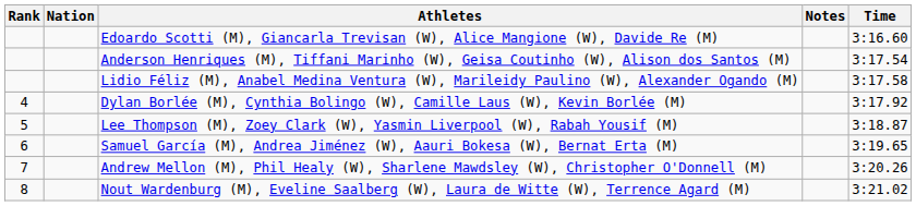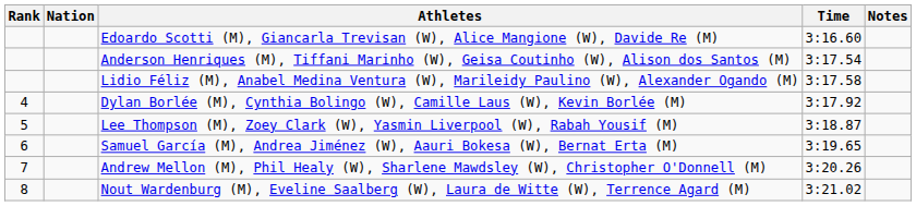 <table class="wikitable sortable" style="text-align:center">
 <tr>
 <th>Rank</th>
 <th>Nation</th>
 <th>Athletes</th>
+<th>Time</th>
 <th>Notes</th>
-<th>Time</th>
 </tr>
 <tr>
 <td></td>
 <td align="left"></td>
 <td align="left"><a href='#'>Edoardo Scotti</a> (M), <a href='#'>Giancarla Trevisan</a> (W), <a href='#'>Alice Mangione</a> (W), <a href='#'>Davide Re</a> (M)</td>
+<td>3:16.60</td>
 <td></td>
-<td>3:16.60</td>
 </tr>
 <tr>
 <td></td>
 <td align="left"></td>
 <td align="left"><a href='#'>Anderson Henriques</a> (M), <a href='#'>Tiffani Marinho</a> (W), <a href='#'>Geisa Coutinho</a> (W), <a href='#'>Alison dos Santos</a> (M)</td>
+<td>3:17.54</td>
 <td></td>
-<td>3:17.54</td>
 </tr>
 <tr>
 <td></td>
 <td align="left"></td>
 <td align="left"><a href='#'>Lidio Féliz</a> (M), <a href='#'>Anabel Medina Ventura</a> (W), <a href='#'>Marileidy Paulino</a> (W), <a href='#'>Alexander Ogando</a> (M)</td>
+<td>3:17.58</td>
 <td></td>
-<td>3:17.58</td>
 </tr>
 <tr>
 <td>4</td>
 <td align="left"></td>
 <td align="left"><a href='#'>Dylan Borlée</a> (M), <a href='#'>Cynthia Bolingo</a> (W), <a href='#'>Camille Laus</a> (W), <a href='#'>Kevin Borlée</a> (M)</td>
+<td>3:17.92</td>
 <td></td>
-<td>3:17.92</td>
 </tr>
 <tr>
 <td>5</td>
 <td align="left"></td>
 <td align="left"><a href='#'>Lee Thompson</a> (M), <a href='#'>Zoey Clark</a> (W), <a href='#'>Yasmin Liverpool</a> (W), <a href='#'>Rabah Yousif</a> (M)</td>
+<td>3:18.87</td>
 <td></td>
-<td>3:18.87</td>
 </tr>
 <tr>
 <td>6</td>
 <td align="left"></td>
 <td align="left"><a href='#'>Samuel García</a> (M), <a href='#'>Andrea Jiménez</a> (W), <a href='#'>Aauri Bokesa</a> (W), <a href='#'>Bernat Erta</a> (M)</td>
+<td>3:19.65</td>
 <td></td>
-<td>3:19.65</td>
 </tr>
 <tr>
 <td>7</td>
 <td align="left"></td>
 <td align="left"><a href='#'>Andrew Mellon</a> (M), <a href='#'>Phil Healy</a> (W), <a href='#'>Sharlene Mawdsley</a> (W), <a href='#'>Christopher O'Donnell</a> (M)</td>
+<td>3:20.26</td>
 <td></td>
-<td>3:20.26</td>
 </tr>
 <tr>
 <td>8</td>
 <td align="left"></td>
 <td align="left"><a href='#'>Nout Wardenburg</a> (M), <a href='#'>Eveline Saalberg</a> (W), <a href='#'>Laura de Witte</a> (W), <a href='#'>Terrence Agard</a> (M)</td>
+<td>3:21.02</td>
 <td></td>
-<td>3:21.02</td>
 </tr>
 </table>
